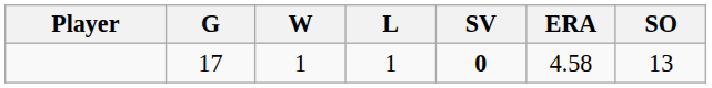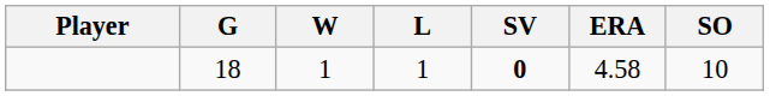 <table class="wikitable sortable">
 <tr>
 <th bgcolor="#DDDDFF" width="16%">Player</th>
 <th bgcolor="#DDDDFF" width="9%">G</th>
 <th bgcolor="#DDDDFF" width="9%">W</th>
 <th bgcolor="#DDDDFF" width="9%">L</th>
 <th bgcolor="#DDDDFF" width="9%">SV</th>
 <th bgcolor="#DDDDFF" width="9%">ERA</th>
 <th bgcolor="#DDDDFF" width="9%">SO</th>
 </tr>
 <tr align="center">
 <td></td>
-<td>17</td>
+<td>18</td>
 <td>1</td>
 <td>1</td>
 <td><strong>0</strong></td>
 <td>4.58</td>
-<td>13</td>
+<td>10</td>
 </tr>
 </table>
